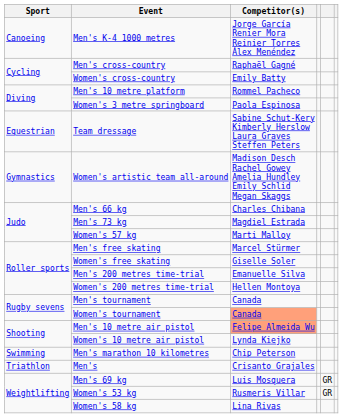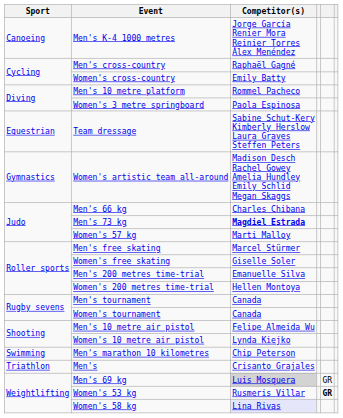 <table class="wikitable">
 <tr>
 <th>Sport</th>
 <th>Event</th>
 <th>Competitor(s)</th>
 <th></th>
 <th></th>
 <th></th>
 </tr>
 <tr>
 <td><a href='#'>Canoeing</a></td>
 <td><a href='#'>Men's K-4 1000 metres</a></td>
 <td><a href='#'>Jorge García</a><br><a href='#'>Renier Mora</a><br><a href='#'>Reinier Torres</a><br><a href='#'>Álex Menéndez</a></td>
 <td></td>
 <td></td>
 <td></td>
 </tr>
 <tr>
 <td rowspan="2"><a href='#'>Cycling</a></td>
 <td><a href='#'>Men's cross-country</a></td>
 <td><a href='#'>Raphaël Gagné</a></td>
 <td></td>
 <td></td>
 <td></td>
 </tr>
 <tr>
 <td><a href='#'>Women's cross-country</a></td>
 <td><a href='#'>Emily Batty</a></td>
 <td></td>
 <td></td>
 <td></td>
 </tr>
 <tr>
 <td rowspan="2"><a href='#'>Diving</a></td>
 <td><a href='#'>Men's 10 metre platform</a></td>
 <td><a href='#'>Rommel Pacheco</a></td>
 <td></td>
 <td></td>
 <td></td>
 </tr>
 <tr>
 <td><a href='#'>Women's 3 metre springboard</a></td>
 <td><a href='#'>Paola Espinosa</a></td>
 <td></td>
 <td></td>
 <td></td>
 </tr>
 <tr>
 <td><a href='#'>Equestrian</a></td>
 <td><a href='#'>Team dressage</a></td>
 <td><a href='#'>Sabine Schut-Kery</a><br><a href='#'>Kimberly Herslow</a><br><a href='#'>Laura Graves</a><br><a href='#'>Steffen Peters</a></td>
 <td></td>
 <td></td>
 <td></td>
 </tr>
 <tr>
 <td><a href='#'>Gymnastics</a></td>
 <td><a href='#'>Women's artistic team all-around</a></td>
 <td><a href='#'>Madison Desch</a><br><a href='#'>Rachel Gowey</a><br><a href='#'>Amelia Hundley</a><br><a href='#'>Emily Schlid</a><br><a href='#'>Megan Skaggs</a></td>
 <td></td>
 <td></td>
 <td></td>
 </tr>
 <tr>
 <td rowspan="3"><a href='#'>Judo</a></td>
 <td><a href='#'>Men's 66 kg</a></td>
 <td><a href='#'>Charles Chibana</a></td>
 <td></td>
 <td></td>
 <td></td>
 </tr>
 <tr>
 <td><a href='#'>Men's 73 kg</a></td>
-<td><a href='#'>Magdiel Estrada</a></td>
+<td><strong><a href='#'>Magdiel Estrada</a></strong></td>
 <td></td>
 <td></td>
 <td></td>
 </tr>
 <tr>
 <td><a href='#'>Women's 57 kg</a></td>
 <td><a href='#'>Marti Malloy</a></td>
 <td></td>
 <td></td>
 <td></td>
 </tr>
 <tr>
 <td rowspan="4"><a href='#'>Roller sports</a></td>
 <td><a href='#'>Men's free skating</a></td>
 <td><a href='#'>Marcel Stürmer</a></td>
 <td></td>
 <td></td>
 <td></td>
 </tr>
 <tr>
 <td><a href='#'>Women's free skating</a></td>
 <td><a href='#'>Giselle Soler</a></td>
 <td></td>
 <td></td>
 <td></td>
 </tr>
 <tr>
 <td><a href='#'>Men's 200 metres time-trial</a></td>
 <td><a href='#'>Emanuelle Silva</a></td>
 <td></td>
 <td></td>
 <td></td>
 </tr>
 <tr>
 <td><a href='#'>Women's 200 metres time-trial</a></td>
 <td><a href='#'>Hellen Montoya</a></td>
 <td></td>
 <td></td>
 <td></td>
 </tr>
 <tr>
 <td rowspan="2"><a href='#'>Rugby sevens</a></td>
 <td><a href='#'>Men's tournament</a></td>
 <td><a href='#'>Canada</a></td>
 <td></td>
 <td></td>
 <td></td>
 </tr>
 <tr>
 <td><a href='#'>Women's tournament</a></td>
-<td style="background: lightsalmon;"><a href='#'>Canada</a></td>
+<td><a href='#'>Canada</a></td>
 <td></td>
 <td></td>
 <td></td>
 </tr>
 <tr>
 <td rowspan="2"><a href='#'>Shooting</a></td>
 <td><a href='#'>Men's 10 metre air pistol</a></td>
-<td style="background: lightsalmon;"><a href='#'>Felipe Almeida Wu</a></td>
+<td><a href='#'>Felipe Almeida Wu</a></td>
 <td></td>
 <td></td>
 <td></td>
 </tr>
 <tr>
 <td><a href='#'>Women's 10 metre air pistol</a></td>
 <td><a href='#'>Lynda Kiejko</a></td>
 <td></td>
 <td></td>
 <td></td>
 </tr>
 <tr>
 <td><a href='#'>Swimming</a></td>
 <td><a href='#'>Men's marathon 10 kilometres</a></td>
 <td><a href='#'>Chip Peterson</a></td>
 <td></td>
 <td></td>
 <td></td>
 </tr>
 <tr>
 <td><a href='#'>Triathlon</a></td>
 <td><a href='#'>Men's</a></td>
 <td><a href='#'>Crisanto Grajales</a></td>
 <td></td>
 <td></td>
 <td></td>
 </tr>
 <tr>
 <td rowspan="3"><a href='#'>Weightlifting</a></td>
 <td><a href='#'>Men's 69 kg</a></td>
-<td><a href='#'>Luis Mosquera</a></td>
+<td style="background: lightgrey;"><a href='#'>Luis Mosquera</a></td>
 <td></td>
 <td>GR</td>
 <td></td>
 </tr>
 <tr>
 <td><a href='#'>Women's 53 kg</a></td>
 <td><a href='#'>Rusmeris Villar</a></td>
 <td></td>
-<td>GR</td>
+<td><strong>GR</strong></td>
 <td></td>
 </tr>
 <tr>
 <td><a href='#'>Women's 58 kg</a></td>
-<td><a href='#'>Lina Rivas</a></td>
+<td style="background: lavender;"><a href='#'>Lina Rivas</a></td>
 <td></td>
 <td></td>
 <td></td>
 </tr>
 </table>
